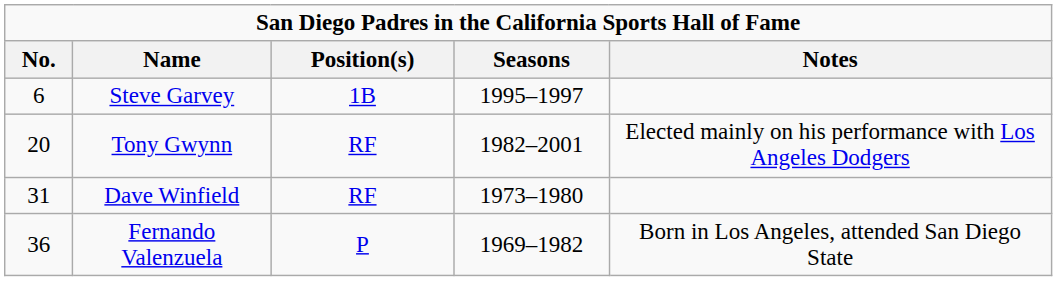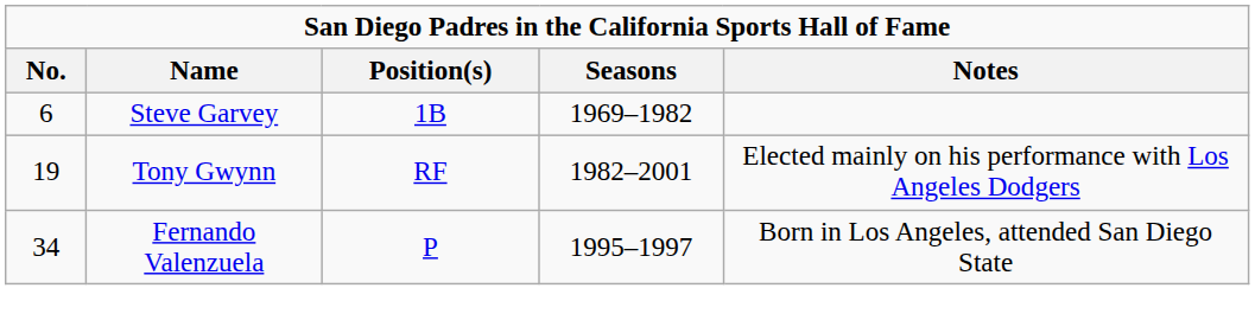 <table class="wikitable" style="text-align:center">
 <tr>
 <td colspan="5"><strong>San Diego Padres in the California Sports Hall of Fame</strong></td>
 </tr>
 <tr>
 <th style="width:40px; ">No.</th>
 <th style="width:130px; ">Name</th>
 <th style="width:120px; ">Position(s)</th>
 <th style="width:100px; ">Seasons</th>
 <th style="width:300px; ">Notes</th>
 </tr>
 <tr>
 <td>6</td>
 <td><a href='#'>Steve Garvey</a></td>
 <td><a href='#'>1B</a></td>
-<td>1995–1997</td>
+<td>1969–1982</td>
 <td></td>
 </tr>
 <tr>
-<td>20</td>
+<td>19</td>
 <td><a href='#'>Tony Gwynn</a></td>
 <td><a href='#'>RF</a></td>
 <td>1982–2001</td>
 <td>Elected mainly on his performance with <a href='#'>Los Angeles Dodgers</a></td>
 </tr>
 <tr>
-<td>31</td>
-<td><a href='#'>Dave Winfield</a></td>
-<td><a href='#'>RF</a></td>
-<td>1973–1980</td>
-<td></td>
-</tr>
-<tr>
-<td>36</td>
+<td>34</td>
 <td><a href='#'>Fernando Valenzuela</a></td>
 <td><a href='#'>P</a></td>
-<td>1969–1982</td>
+<td>1995–1997</td>
 <td>Born in Los Angeles, attended San Diego State</td>
 </tr>
 </table>
